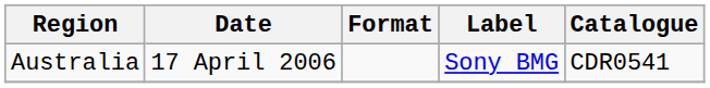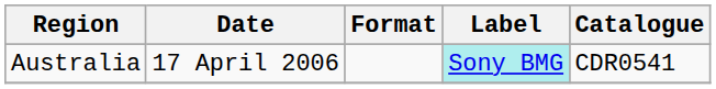 <table class="wikitable plainrowheaders">
 <tr>
 <th scope="col">Region</th>
 <th scope="col">Date</th>
 <th scope="col">Format</th>
 <th scope="col">Label</th>
 <th scope="col">Catalogue</th>
 </tr>
 <tr>
 <td>Australia</td>
 <td>17 April 2006 </td>
 <td></td>
-<td><a href='#'>Sony BMG</a></td>
+<td style="background: paleturquoise;"><a href='#'>Sony BMG</a></td>
 <td>CDR0541</td>
 </tr>
 <tr>
 </tr>
 </table>
